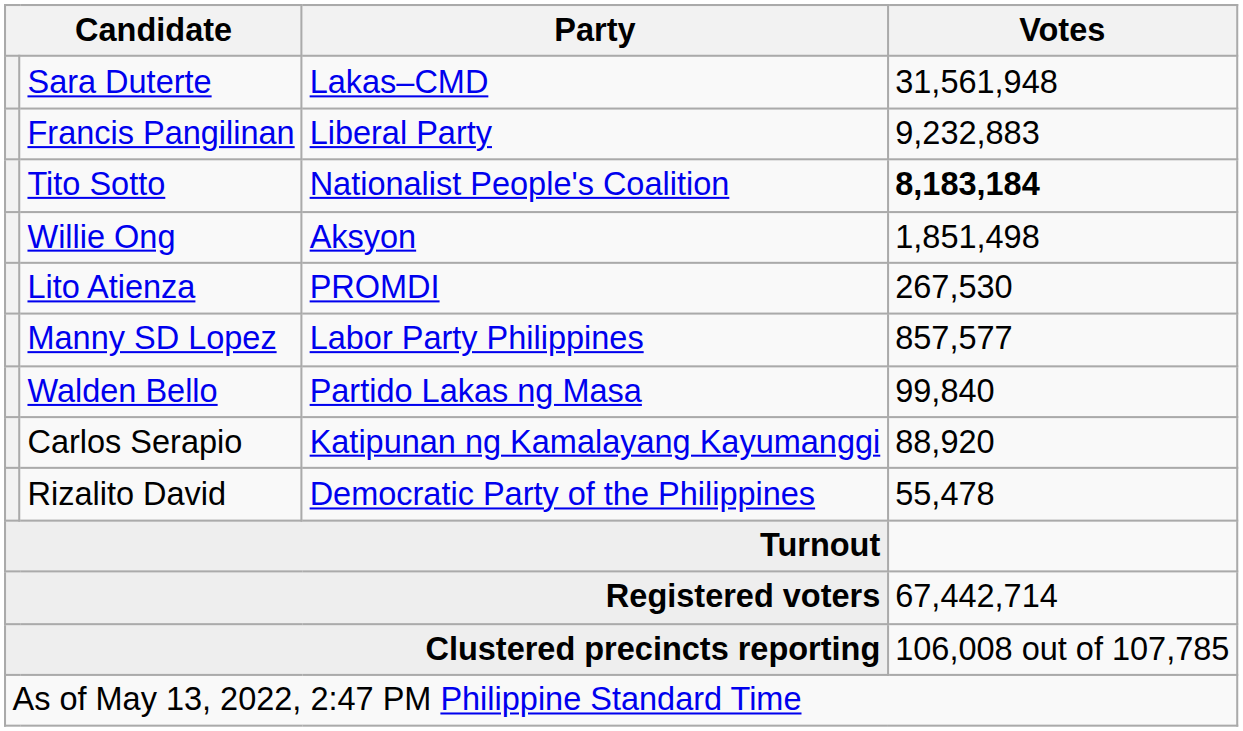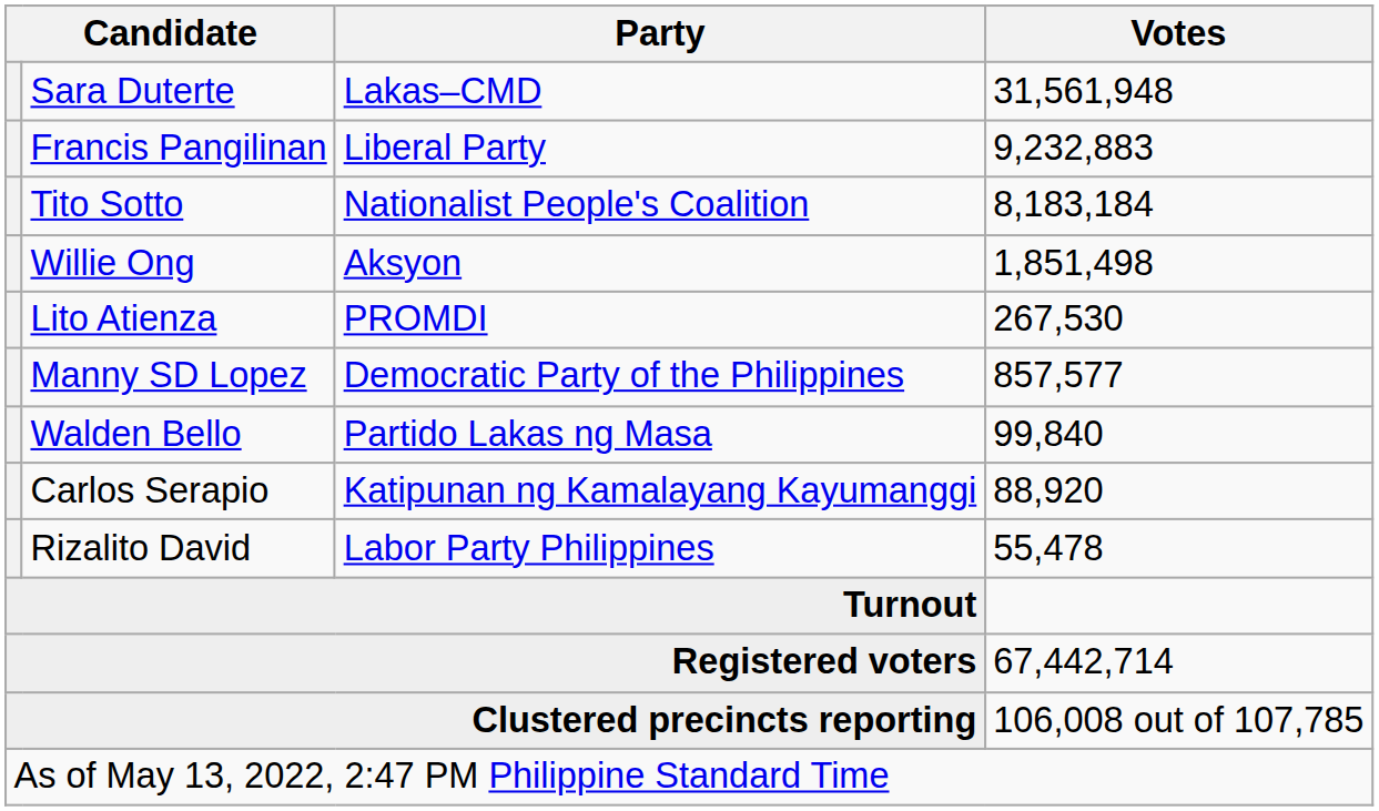 <table class="wikitable">
 <tr>
 <th colspan="2">Candidate</th>
 <th>Party</th>
 <th>Votes</th>
 </tr>
 <tr>
 <th style="background:"></th>
 <td><a href='#'>Sara Duterte</a></td>
 <td><a href='#'>Lakas–CMD</a></td>
 <td>31,561,948</td>
 </tr>
 <tr>
 <th style="background:"></th>
 <td><a href='#'>Francis Pangilinan</a></td>
 <td><a href='#'>Liberal Party</a></td>
 <td>9,232,883</td>
 </tr>
 <tr>
 <th style="background:"></th>
 <td><a href='#'>Tito Sotto</a></td>
 <td><a href='#'>Nationalist People's Coalition</a></td>
-<td><strong>8,183,184</strong></td>
+<td>8,183,184</td>
 </tr>
 <tr>
 <th style="background:"></th>
 <td><a href='#'>Willie Ong</a></td>
 <td><a href='#'>Aksyon</a></td>
 <td>1,851,498</td>
 </tr>
 <tr>
 <th style="background:"></th>
 <td><a href='#'>Lito Atienza</a></td>
 <td><a href='#'>PROMDI</a></td>
 <td>267,530</td>
 </tr>
 <tr>
 <th style="background:"></th>
 <td><a href='#'>Manny SD Lopez</a></td>
-<td><a href='#'>Labor Party Philippines</a></td>
+<td><a href='#'>Democratic Party of the Philippines</a></td>
 <td>857,577</td>
 </tr>
 <tr>
 <th style="background:"></th>
 <td><a href='#'>Walden Bello</a></td>
 <td><a href='#'>Partido Lakas ng Masa</a></td>
 <td>99,840</td>
 </tr>
 <tr>
 <th style="background:"></th>
 <td>Carlos Serapio</td>
 <td><a href='#'>Katipunan ng Kamalayang Kayumanggi</a></td>
 <td>88,920</td>
 </tr>
 <tr>
 <th style="background:"></th>
 <td>Rizalito David</td>
-<td><a href='#'>Democratic Party of the Philippines</a></td>
+<td><a href='#'>Labor Party Philippines</a></td>
 <td>55,478</td>
 </tr>
 <tr>
 <td colspan="3" style="background:#eee; text-align:right;"><strong>Turnout</strong></td>
 <td></td>
 </tr>
 <tr>
 <td colspan="3" style="background:#eee; text-align:right;"><strong>Registered voters</strong></td>
 <td>67,442,714</td>
 </tr>
 <tr>
 <td colspan="3" style="background:#eee; text-align:right;"><strong>Clustered precincts reporting</strong></td>
 <td>106,008 out of 107,785</td>
 </tr>
 <tr>
 <td colspan="4">As of May 13, 2022, 2:47 PM <a href='#'>Philippine Standard Time</a></td>
 </tr>
 </table>
